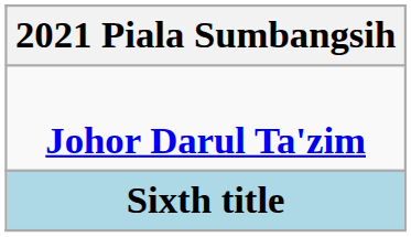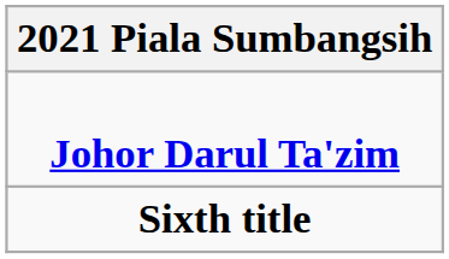 <table class="wikitable" style="text-align: center; margin: 0 auto;">
 <tr>
 <th>2021 Piala Sumbangsih</th>
 </tr>
 <tr>
 <td><br><a href='#'><strong>Johor Darul Ta'zim</strong></a></td>
 </tr>
 <tr>
-<td style="background: lightblue;"><strong>Sixth title</strong></td>
+<td><strong>Sixth title</strong></td>
 </tr>
 </table>
